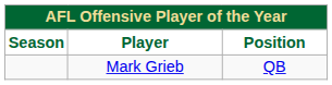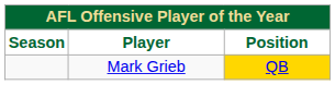 <table class="wikitable sortable" style="text-align:center">
 <tr>
 <td colspan="4" style="background:#063; color: #ed9;"><strong>AFL Offensive Player of the Year</strong></td>
 </tr>
 <tr>
 <th style="width:50px; background:white; color:#063;">Season</th>
 <th style="width:150px; background:white; color:#063;">Player</th>
 <th style="width:100px; background:white; color:#063;">Position</th>
 </tr>
 <tr>
 <td></td>
 <td><a href='#'>Mark Grieb</a></td>
-<td><a href='#'>QB</a></td>
+<td style="background: gold;"><a href='#'>QB</a></td>
 </tr>
 </table>
